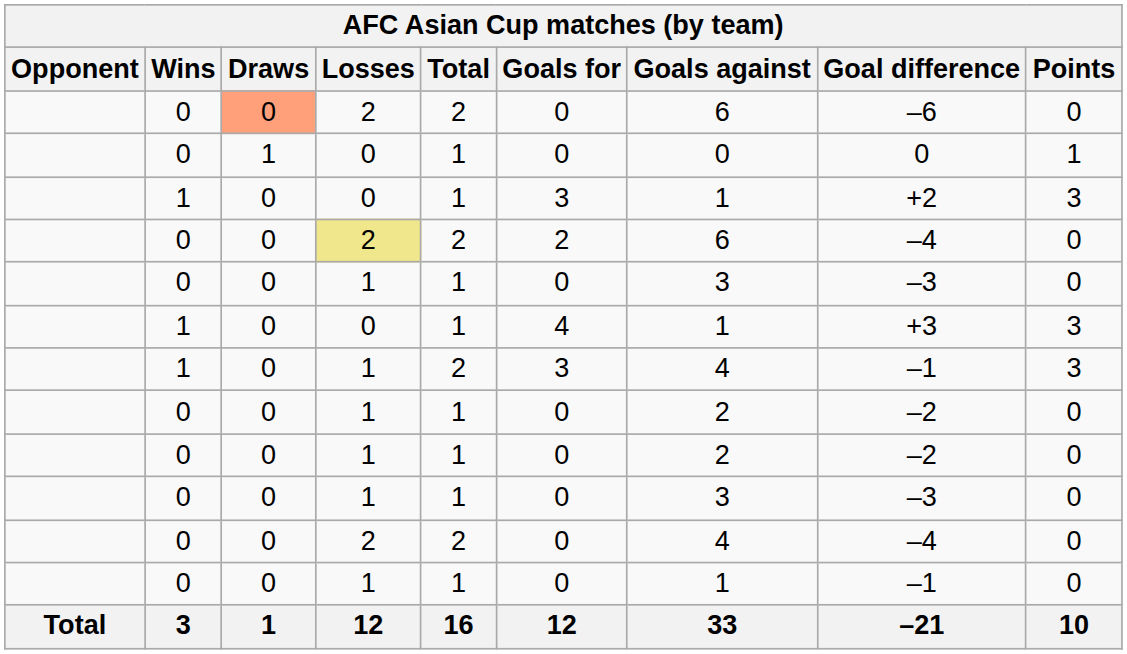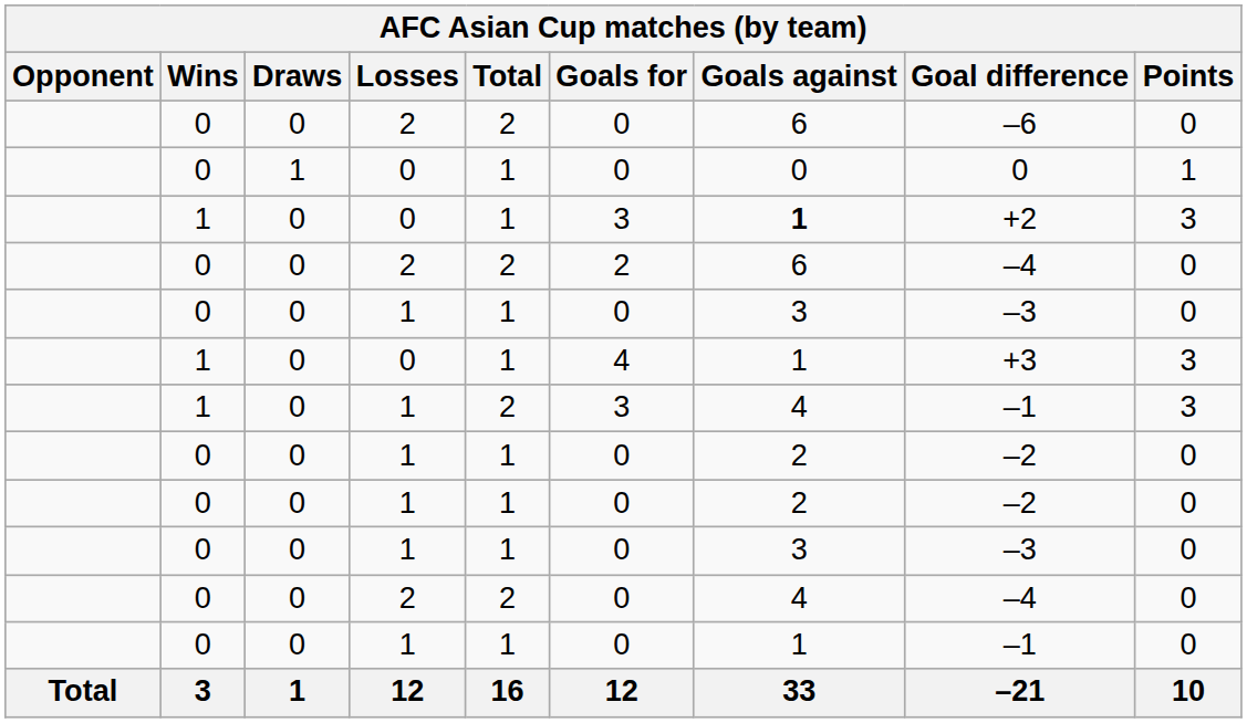 <table class="wikitable sortable" style="text-align: center;">
 <tr>
 <th colspan=9>AFC Asian Cup matches (by team)</th>
 </tr>
 <tr>
 <th>Opponent</th>
 <th>Wins</th>
 <th>Draws</th>
 <th>Losses</th>
 <th>Total</th>
 <th>Goals for</th>
 <th>Goals against</th>
 <th>Goal difference</th>
 <th>Points</th>
 </tr>
 <tr>
 <td align="left"></td>
 <td>0</td>
-<td style="background: lightsalmon;">0</td>
+<td>0</td>
 <td>2</td>
 <td>2</td>
 <td>0</td>
 <td>6</td>
 <td>–6</td>
 <td>0</td>
 </tr>
 <tr>
 <td align="left"></td>
 <td>0</td>
 <td>1</td>
 <td>0</td>
 <td>1</td>
 <td>0</td>
 <td>0</td>
 <td>0</td>
 <td>1</td>
 </tr>
 <tr>
 <td align="left"></td>
 <td>1</td>
 <td>0</td>
 <td>0</td>
 <td>1</td>
 <td>3</td>
-<td>1</td>
+<td><strong>1</strong></td>
 <td>+2</td>
 <td>3</td>
 </tr>
 <tr>
 <td align="left"></td>
 <td>0</td>
 <td>0</td>
-<td style="background: khaki;">2</td>
+<td>2</td>
 <td>2</td>
 <td>2</td>
 <td>6</td>
 <td>–4</td>
 <td>0</td>
 </tr>
 <tr>
 <td align="left"></td>
 <td>0</td>
 <td>0</td>
 <td>1</td>
 <td>1</td>
 <td>0</td>
 <td>3</td>
 <td>–3</td>
 <td>0</td>
 </tr>
 <tr>
 <td align="left"></td>
 <td>1</td>
 <td>0</td>
 <td>0</td>
 <td>1</td>
 <td>4</td>
 <td>1</td>
 <td>+3</td>
 <td>3</td>
 </tr>
 <tr>
 <td align="left"></td>
 <td>1</td>
 <td>0</td>
 <td>1</td>
 <td>2</td>
 <td>3</td>
 <td>4</td>
 <td>–1</td>
 <td>3</td>
 </tr>
 <tr>
 <td align="left"></td>
 <td>0</td>
 <td>0</td>
 <td>1</td>
 <td>1</td>
 <td>0</td>
 <td>2</td>
 <td>–2</td>
 <td>0</td>
 </tr>
 <tr>
 <td align="left"></td>
 <td>0</td>
 <td>0</td>
 <td>1</td>
 <td>1</td>
 <td>0</td>
 <td>2</td>
 <td>–2</td>
 <td>0</td>
 </tr>
 <tr>
 <td align="left"></td>
 <td>0</td>
 <td>0</td>
 <td>1</td>
 <td>1</td>
 <td>0</td>
 <td>3</td>
 <td>–3</td>
 <td>0</td>
 </tr>
 <tr>
 <td align="left"></td>
 <td>0</td>
 <td>0</td>
 <td>2</td>
 <td>2</td>
 <td>0</td>
 <td>4</td>
 <td>–4</td>
 <td>0</td>
 </tr>
 <tr>
 <td align="left"></td>
 <td>0</td>
 <td>0</td>
 <td>1</td>
 <td>1</td>
 <td>0</td>
 <td>1</td>
 <td>–1</td>
 <td>0</td>
 </tr>
 <tr>
 <th>Total</th>
 <th>3</th>
 <th>1</th>
 <th>12</th>
 <th>16</th>
 <th>12</th>
 <th>33</th>
 <th>–21</th>
 <th>10</th>
 </tr>
 </table>
